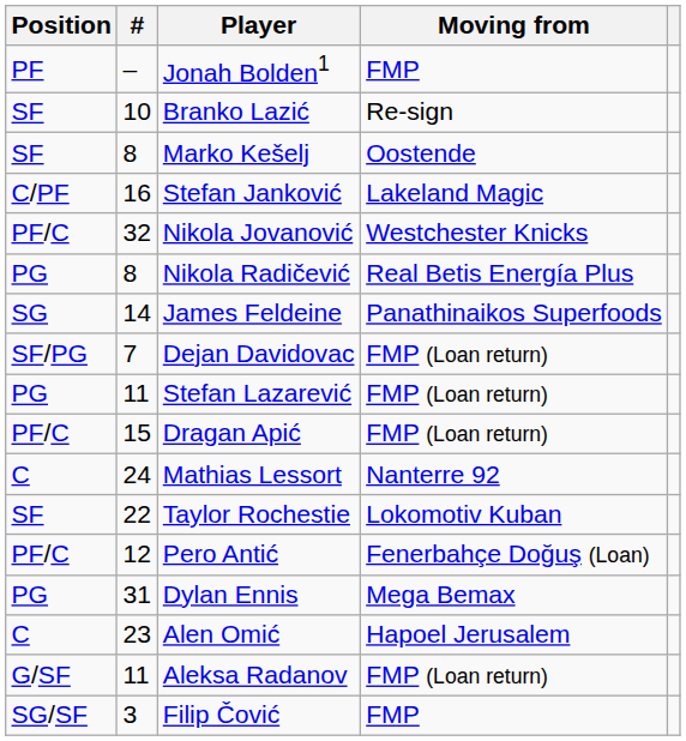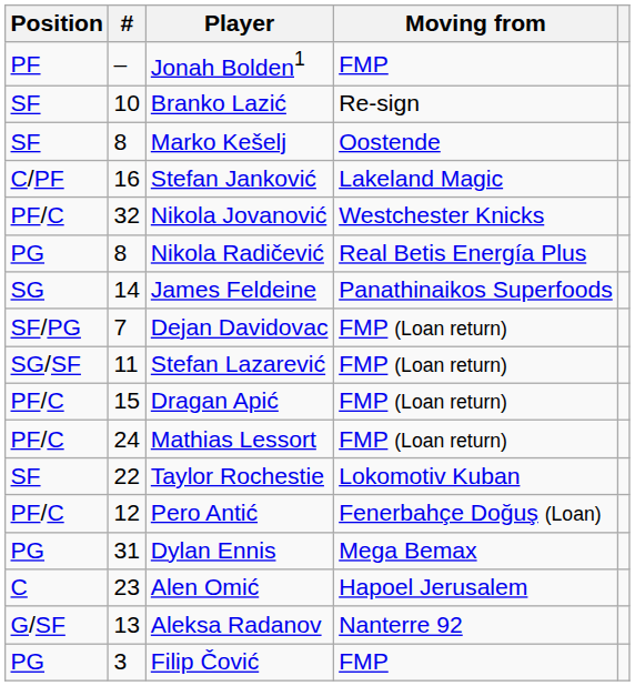 <table class="wikitable sortable" style="text-align: left;">
 <tr>
 <th>Position</th>
 <th>#</th>
 <th>Player</th>
 <th>Moving from</th>
 <th></th>
 </tr>
 <tr>
 <td><a href='#'>PF</a></td>
 <td>–</td>
 <td> <a href='#'>Jonah Bolden</a><sup>1</sup></td>
 <td> <a href='#'>FMP</a></td>
 <td></td>
 </tr>
 <tr>
 <td><a href='#'>SF</a></td>
 <td>10</td>
 <td> <a href='#'>Branko Lazić</a></td>
 <td>Re-sign</td>
 <td></td>
 </tr>
 <tr>
 <td><a href='#'>SF</a></td>
 <td>8</td>
 <td> <a href='#'>Marko Kešelj</a></td>
 <td> <a href='#'>Oostende</a></td>
 <td></td>
 </tr>
 <tr>
 <td><a href='#'>C</a>/<a href='#'>PF</a></td>
 <td>16</td>
 <td> <a href='#'>Stefan Janković</a></td>
 <td> <a href='#'>Lakeland Magic</a></td>
 <td></td>
 </tr>
 <tr>
 <td><a href='#'>PF</a>/<a href='#'>C</a></td>
 <td>32</td>
 <td> <a href='#'>Nikola Jovanović</a></td>
 <td> <a href='#'>Westchester Knicks</a></td>
 <td></td>
 </tr>
 <tr>
 <td><a href='#'>PG</a></td>
 <td>8</td>
 <td> <a href='#'>Nikola Radičević</a></td>
 <td> <a href='#'>Real Betis Energía Plus</a></td>
 <td></td>
 </tr>
 <tr>
 <td><a href='#'>SG</a></td>
 <td>14</td>
 <td> <a href='#'>James Feldeine</a></td>
 <td> <a href='#'>Panathinaikos Superfoods</a></td>
 <td></td>
 </tr>
 <tr>
 <td><a href='#'>SF</a>/<a href='#'>PG</a></td>
 <td>7</td>
 <td> <a href='#'>Dejan Davidovac</a></td>
 <td> <a href='#'>FMP</a> <small>(Loan return)</small></td>
 <td></td>
 </tr>
 <tr>
-<td><a href='#'>PG</a></td>
+<td><a href='#'>SG</a>/<a href='#'>SF</a></td>
 <td>11</td>
 <td> <a href='#'>Stefan Lazarević</a></td>
 <td> <a href='#'>FMP</a> <small>(Loan return)</small></td>
 <td></td>
 </tr>
 <tr>
 <td><a href='#'>PF</a>/<a href='#'>C</a></td>
 <td>15</td>
 <td> <a href='#'>Dragan Apić</a></td>
 <td> <a href='#'>FMP</a> <small>(Loan return)</small></td>
 <td></td>
 </tr>
 <tr>
-<td><a href='#'>C</a></td>
+<td><a href='#'>PF</a>/<a href='#'>C</a></td>
 <td>24</td>
 <td> <a href='#'>Mathias Lessort</a></td>
-<td> <a href='#'>Nanterre 92</a></td>
+<td> <a href='#'>FMP</a> <small>(Loan return)</small></td>
 <td></td>
 </tr>
 <tr>
 <td><a href='#'>SF</a></td>
 <td>22</td>
 <td> <a href='#'>Taylor Rochestie</a></td>
 <td> <a href='#'>Lokomotiv Kuban</a></td>
 <td></td>
 </tr>
 <tr>
 <td><a href='#'>PF</a>/<a href='#'>C</a></td>
 <td>12</td>
 <td> <a href='#'>Pero Antić</a></td>
 <td> <a href='#'>Fenerbahçe Doğuş</a> <small>(Loan)</small></td>
 <td></td>
 </tr>
 <tr>
 <td><a href='#'>PG</a></td>
 <td>31</td>
 <td> <a href='#'>Dylan Ennis</a></td>
 <td> <a href='#'>Mega Bemax</a></td>
 <td></td>
 </tr>
 <tr>
 <td><a href='#'>C</a></td>
 <td>23</td>
 <td> <a href='#'>Alen Omić</a></td>
 <td> <a href='#'>Hapoel Jerusalem</a></td>
 <td></td>
 </tr>
 <tr>
 <td><a href='#'>G</a>/<a href='#'>SF</a></td>
-<td>11</td>
+<td>13</td>
 <td> <a href='#'>Aleksa Radanov</a></td>
-<td> <a href='#'>FMP</a> <small>(Loan return)</small></td>
+<td> <a href='#'>Nanterre 92</a></td>
 <td></td>
 </tr>
 <tr>
-<td><a href='#'>SG</a>/<a href='#'>SF</a></td>
+<td><a href='#'>PG</a></td>
 <td>3</td>
 <td> <a href='#'>Filip Čović</a></td>
 <td> <a href='#'>FMP</a></td>
 <td></td>
 </tr>
 </table>
